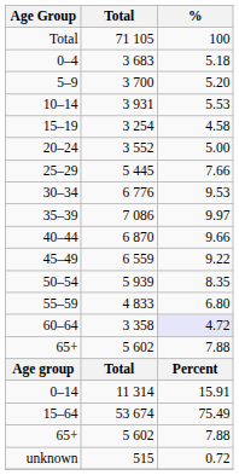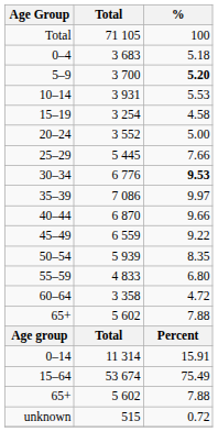 <table class="wikitable">
 <tr>
 <th width="80pt">Age Group</th>
 <th width="80pt">Total</th>
 <th width="80pt">%</th>
 </tr>
 <tr>
 <td align="right">Total</td>
 <td align="right">71 105</td>
 <td align="right">100</td>
 </tr>
 <tr>
 <td align="right">0–4</td>
 <td align="right">3 683</td>
 <td align="right">5.18</td>
 </tr>
 <tr>
 <td align="right">5–9</td>
 <td align="right">3 700</td>
-<td align="right">5.20</td>
+<td align="right"><strong>5.20</strong></td>
 </tr>
 <tr>
 <td align="right">10–14</td>
 <td align="right">3 931</td>
 <td align="right">5.53</td>
 </tr>
 <tr>
 <td align="right">15–19</td>
 <td align="right">3 254</td>
 <td align="right">4.58</td>
 </tr>
 <tr>
 <td align="right">20–24</td>
 <td align="right">3 552</td>
 <td align="right">5.00</td>
 </tr>
 <tr>
 <td align="right">25–29</td>
 <td align="right">5 445</td>
 <td align="right">7.66</td>
 </tr>
 <tr>
 <td align="right">30–34</td>
 <td align="right">6 776</td>
-<td align="right">9.53</td>
+<td align="right"><strong>9.53</strong></td>
 </tr>
 <tr>
 <td align="right">35–39</td>
 <td align="right">7 086</td>
 <td align="right">9.97</td>
 </tr>
 <tr>
 <td align="right">40–44</td>
 <td align="right">6 870</td>
 <td align="right">9.66</td>
 </tr>
 <tr>
 <td align="right">45–49</td>
 <td align="right">6 559</td>
 <td align="right">9.22</td>
 </tr>
 <tr>
 <td align="right">50–54</td>
 <td align="right">5 939</td>
 <td align="right">8.35</td>
 </tr>
 <tr>
 <td align="right">55–59</td>
 <td align="right">4 833</td>
 <td align="right">6.80</td>
 </tr>
 <tr>
 <td align="right">60–64</td>
 <td align="right">3 358</td>
-<td align="right" style="background: lavender;">4.72</td>
+<td align="right">4.72</td>
 </tr>
 <tr>
 <td align="right">65+</td>
 <td align="right">5 602</td>
 <td align="right">7.88</td>
 </tr>
 <tr>
 <th width="50">Age group</th>
 <th width="80">Total</th>
 <th width="50">Percent</th>
 </tr>
 <tr>
 <td align="right">0–14</td>
 <td align="right">11 314</td>
 <td align="right">15.91</td>
 </tr>
 <tr>
 <td align="right">15–64</td>
 <td align="right">53 674</td>
 <td align="right">75.49</td>
 </tr>
 <tr>
 <td align="right">65+</td>
 <td align="right">5 602</td>
 <td align="right">7.88</td>
 </tr>
 <tr>
 <td align="right">unknown</td>
 <td align="right">515</td>
 <td align="right">0.72</td>
 </tr>
 <tr>
 </tr>
 </table>
